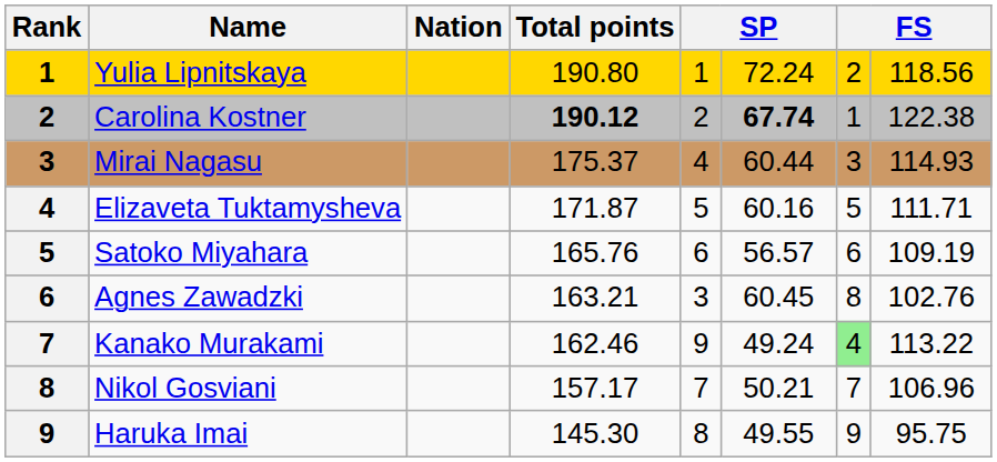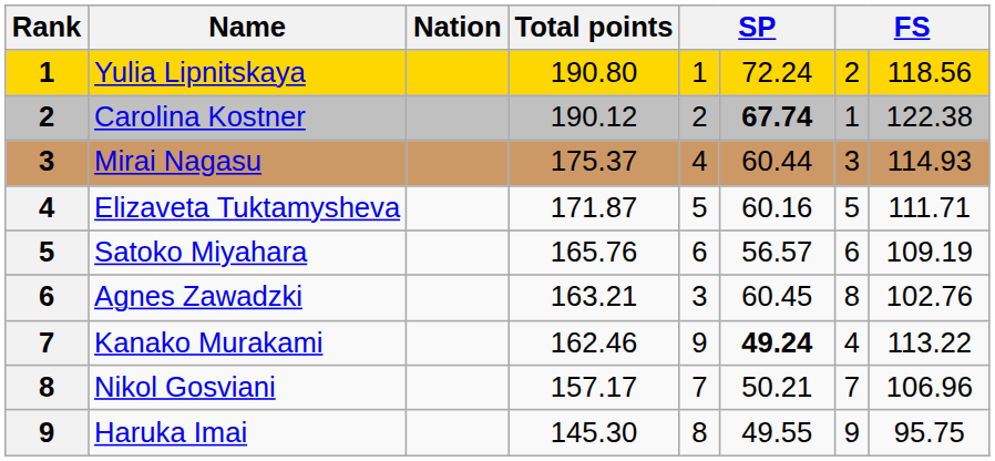 <table class="wikitable sortable">
 <tr>
 <th>Rank</th>
 <th>Name</th>
 <th>Nation</th>
 <th>Total points</th>
 <th colspan="2" width="80px"><a href='#'>SP</a></th>
 <th colspan="2" width="80px"><a href='#'>FS</a></th>
 </tr>
 <tr bgcolor="gold">
 <td align="center"><strong>1</strong></td>
 <td><a href='#'>Yulia Lipnitskaya</a></td>
 <td></td>
 <td align="center">190.80</td>
 <td align="center">1</td>
 <td align="center">72.24</td>
 <td align="center">2</td>
 <td align="center">118.56</td>
 </tr>
 <tr bgcolor="silver">
 <td align="center"><strong>2</strong></td>
 <td><a href='#'>Carolina Kostner</a></td>
 <td></td>
-<td align="center"><strong>190.12</strong></td>
+<td align="center">190.12</td>
 <td align="center">2</td>
 <td align="center"><strong>67.74</strong></td>
 <td align="center">1</td>
 <td align="center">122.38</td>
 </tr>
 <tr bgcolor="cc9966">
 <td align="center"><strong>3</strong></td>
 <td><a href='#'>Mirai Nagasu</a></td>
 <td></td>
 <td align="center">175.37</td>
 <td align="center">4</td>
 <td align="center">60.44</td>
 <td align="center">3</td>
 <td align="center">114.93</td>
 </tr>
 <tr>
 <th>4</th>
 <td><a href='#'>Elizaveta Tuktamysheva</a></td>
 <td></td>
 <td align="center">171.87</td>
 <td align="center">5</td>
 <td align="center">60.16</td>
 <td align="center">5</td>
 <td align="center">111.71</td>
 </tr>
 <tr>
 <th>5</th>
 <td><a href='#'>Satoko Miyahara</a></td>
 <td></td>
 <td align="center">165.76</td>
 <td align="center">6</td>
 <td align="center">56.57</td>
 <td align="center">6</td>
 <td align="center">109.19</td>
 </tr>
 <tr>
 <th>6</th>
 <td><a href='#'>Agnes Zawadzki</a></td>
 <td></td>
 <td align="center">163.21</td>
 <td align="center">3</td>
 <td align="center">60.45</td>
 <td align="center">8</td>
 <td align="center">102.76</td>
 </tr>
 <tr>
 <th>7</th>
 <td><a href='#'>Kanako Murakami</a></td>
 <td></td>
 <td align="center">162.46</td>
 <td align="center">9</td>
-<td align="center">49.24</td>
-<td align="center" style="background: lightgreen;">4</td>
+<td align="center"><strong>49.24</strong></td>
+<td align="center">4</td>
 <td align="center">113.22</td>
 </tr>
 <tr>
 <th>8</th>
 <td><a href='#'>Nikol Gosviani</a></td>
 <td></td>
 <td align="center">157.17</td>
 <td align="center">7</td>
 <td align="center">50.21</td>
 <td align="center">7</td>
 <td align="center">106.96</td>
 </tr>
 <tr>
 <th>9</th>
 <td><a href='#'>Haruka Imai</a></td>
 <td></td>
 <td align="center">145.30</td>
 <td align="center">8</td>
 <td align="center">49.55</td>
 <td align="center">9</td>
 <td align="center">95.75</td>
 </tr>
 </table>
